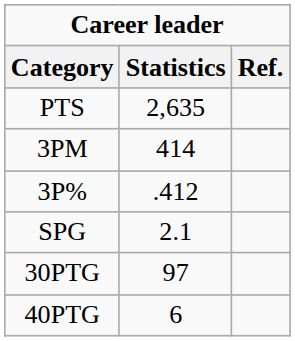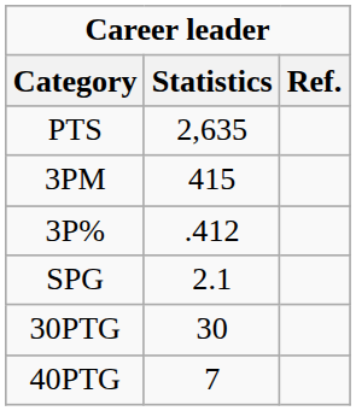 <table class="wikitable sortable" style="text-align:center">
 <tr>
 <td colspan=3><strong>Career leader</strong></td>
 </tr>
 <tr>
 <th width=px>Category</th>
 <th width=px>Statistics</th>
 <th width=px>Ref.</th>
 </tr>
 <tr>
 <td>PTS</td>
 <td>2,635</td>
 <td></td>
 </tr>
 <tr>
 <td>3PM</td>
-<td>414</td>
+<td>415</td>
 <td></td>
 </tr>
 <tr>
 <td>3P%</td>
 <td>.412</td>
 <td></td>
 </tr>
 <tr>
 <td>SPG</td>
 <td>2.1</td>
 <td></td>
 </tr>
 <tr>
 <td>30PTG</td>
-<td>97</td>
+<td>30</td>
 <td></td>
 </tr>
 <tr>
 <td>40PTG</td>
-<td>6</td>
+<td>7</td>
 <td></td>
 </tr>
 </table>
